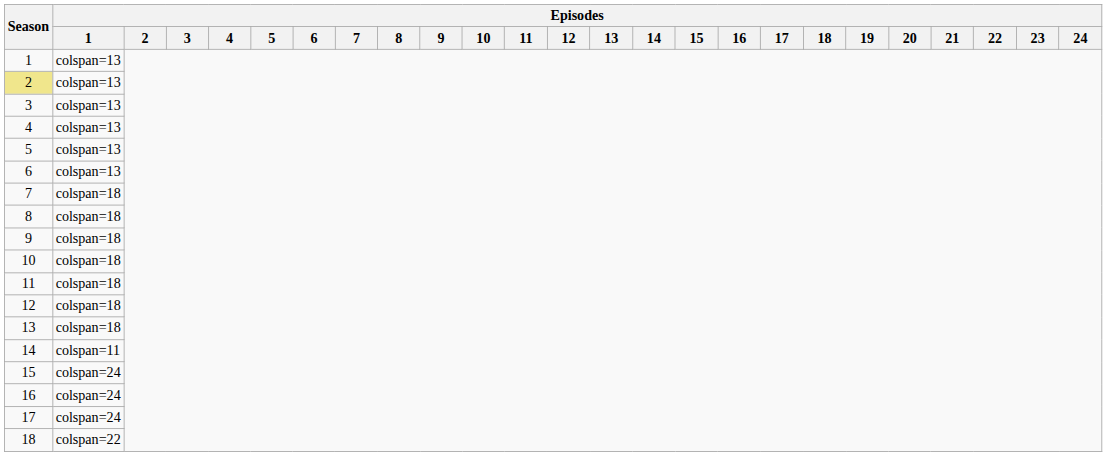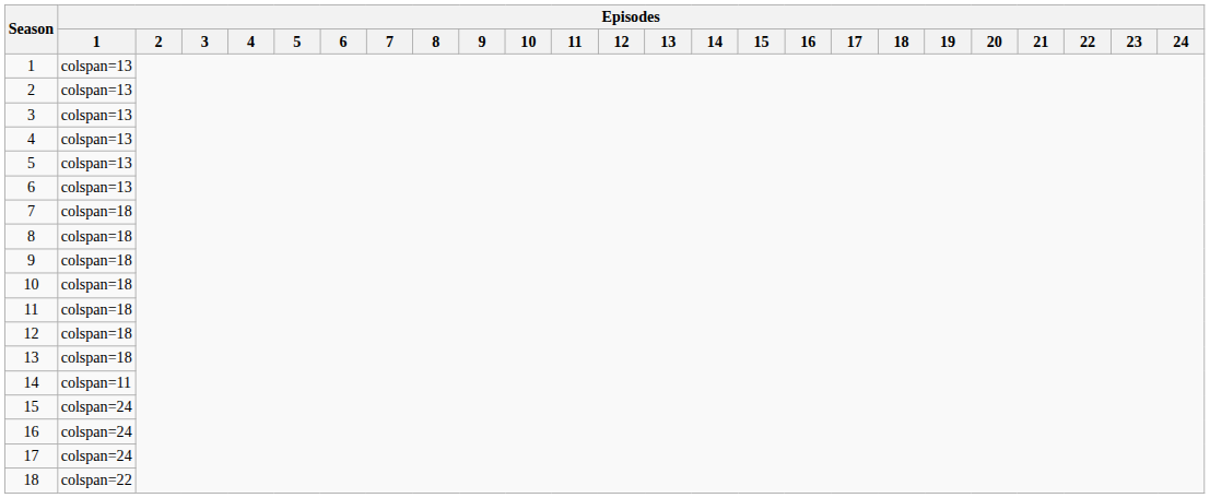 <table class="wikitable">
 <tr>
 <th rowspan=2>Season</th>
 <th colspan=24>Episodes</th>
 </tr>
 <tr>
 <th style="width:4%;">1</th>
 <th style="width:4%;">2</th>
 <th style="width:4%;">3</th>
 <th style="width:4%;">4</th>
 <th style="width:4%;">5</th>
 <th style="width:4%;">6</th>
 <th style="width:4%;">7</th>
 <th style="width:4%;">8</th>
 <th style="width:4%;">9</th>
 <th style="width:4%;">10</th>
 <th style="width:4%;">11</th>
 <th style="width:4%;">12</th>
 <th style="width:4%;">13</th>
 <th style="width:4%;">14</th>
 <th style="width:4%;">15</th>
 <th style="width:4%;">16</th>
 <th style="width:4%;">17</th>
 <th style="width:4%;">18</th>
 <th style="width:4%;">19</th>
 <th style="width:4%;">20</th>
 <th style="width:4%;">21</th>
 <th style="width:4%;">22</th>
 <th style="width:4%;">23</th>
 <th style="width:4%;">24</th>
 </tr>
 <tr>
 <td style="text-align:center;">1</td>
 <td>colspan=13 </td>
 </tr>
 <tr>
-<td style="background: khaki; text-align:center;">2</td>
+<td style="text-align:center;">2</td>
 <td>colspan=13 </td>
 </tr>
 <tr>
 <td style="text-align:center;">3</td>
 <td>colspan=13 </td>
 </tr>
 <tr>
 <td style="text-align:center;">4</td>
 <td>colspan=13 </td>
 </tr>
 <tr>
 <td style="text-align:center;">5</td>
 <td>colspan=13 </td>
 </tr>
 <tr>
 <td style="text-align:center;">6</td>
 <td>colspan=13 </td>
 </tr>
 <tr>
 <td style="text-align:center;">7</td>
 <td>colspan=18 </td>
 </tr>
 <tr>
 <td style="text-align:center;">8</td>
 <td>colspan=18 </td>
 </tr>
 <tr>
 <td style="text-align:center;">9</td>
 <td>colspan=18 </td>
 </tr>
 <tr>
 <td style="text-align:center;">10</td>
 <td>colspan=18 </td>
 </tr>
 <tr>
 <td style="text-align:center;">11</td>
 <td>colspan=18 </td>
 </tr>
 <tr>
 <td style="text-align:center;">12</td>
 <td>colspan=18 </td>
 </tr>
 <tr>
 <td style="text-align:center;">13</td>
 <td>colspan=18 </td>
 </tr>
 <tr>
 <td style="text-align:center;">14</td>
 <td>colspan=11 </td>
 </tr>
 <tr>
 <td style="text-align:center;">15</td>
 <td>colspan=24 </td>
 </tr>
 <tr>
 <td style="text-align:center;">16</td>
 <td>colspan=24 </td>
 </tr>
 <tr>
 <td style="text-align:center;">17</td>
 <td>colspan=24 </td>
 </tr>
 <tr>
 <td style="text-align:center;">18</td>
 <td>colspan=22 </td>
 </tr>
 </table>
